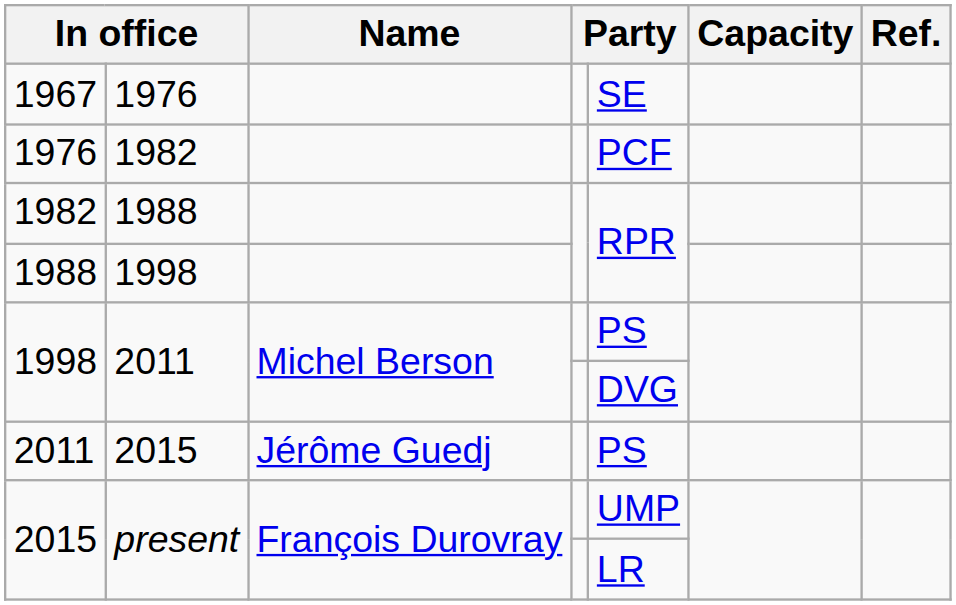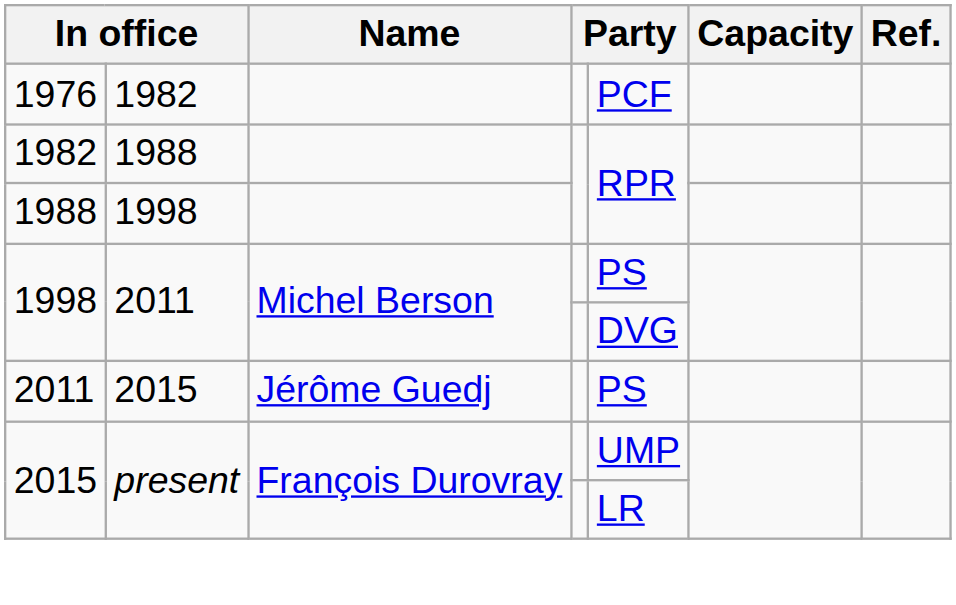 <table class="wikitable">
 <tr>
 <th colspan="2">In office</th>
 <th>Name</th>
 <th colspan="2">Party</th>
 <th>Capacity</th>
 <th>Ref.</th>
-</tr>
-<tr>
-<td>1967</td>
-<td>1976</td>
-<td></td>
-<td style="background:"></td>
-<td><a href='#'>SE</a></td>
-<td></td>
-<td></td>
 </tr>
 <tr>
 <td>1976</td>
 <td>1982</td>
 <td></td>
 <td style="background:"></td>
 <td><a href='#'>PCF</a></td>
 <td></td>
 <td></td>
 </tr>
 <tr>
 <td>1982</td>
 <td>1988</td>
 <td></td>
 <td rowspan="2" style="background:"></td>
 <td rowspan="2"><a href='#'>RPR</a></td>
 <td></td>
 <td></td>
 </tr>
 <tr>
 <td>1988</td>
 <td>1998</td>
 <td></td>
 <td></td>
 <td></td>
 </tr>
 <tr>
 <td rowspan="2">1998</td>
 <td rowspan="2">2011</td>
 <td rowspan="2"><a href='#'>Michel Berson</a></td>
 <td style="background:"></td>
 <td><a href='#'>PS</a></td>
 <td rowspan="2"></td>
 <td rowspan="2"></td>
 </tr>
 <tr>
 <td style="background:"></td>
 <td><a href='#'>DVG</a></td>
 </tr>
 <tr>
 <td>2011</td>
 <td>2015</td>
 <td><a href='#'>Jérôme Guedj</a></td>
 <td style="background:"></td>
 <td><a href='#'>PS</a></td>
 <td></td>
 <td></td>
 </tr>
 <tr>
 <td rowspan="2">2015</td>
 <td rowspan="2"><em>present</em></td>
 <td rowspan="2"><a href='#'>François Durovray</a></td>
 <td style="background:"></td>
 <td><a href='#'>UMP</a></td>
 <td rowspan="2"></td>
 <td rowspan="2"></td>
 </tr>
 <tr>
 <td style="background:"></td>
 <td><a href='#'>LR</a></td>
 </tr>
 </table>
